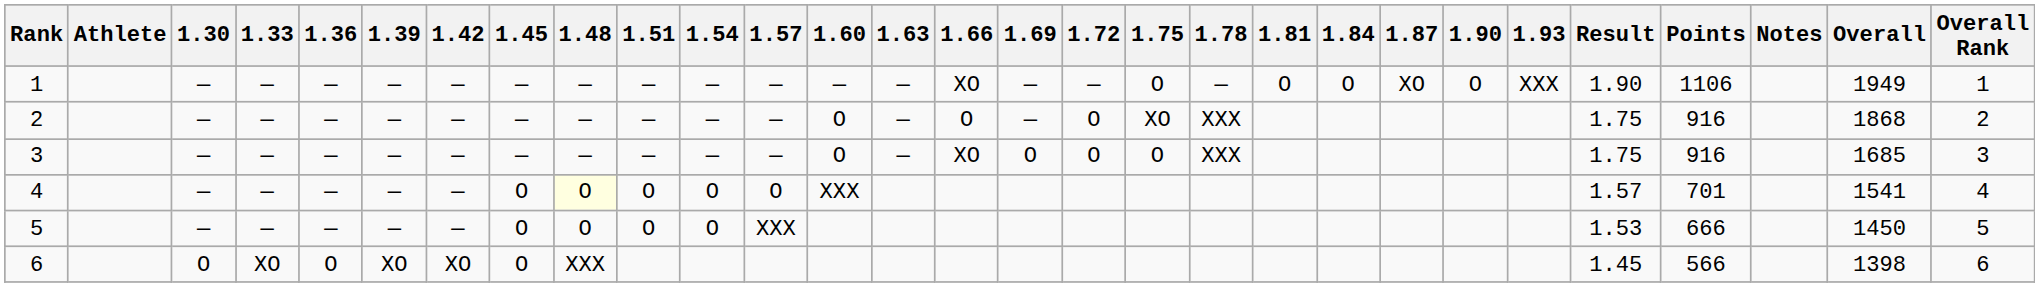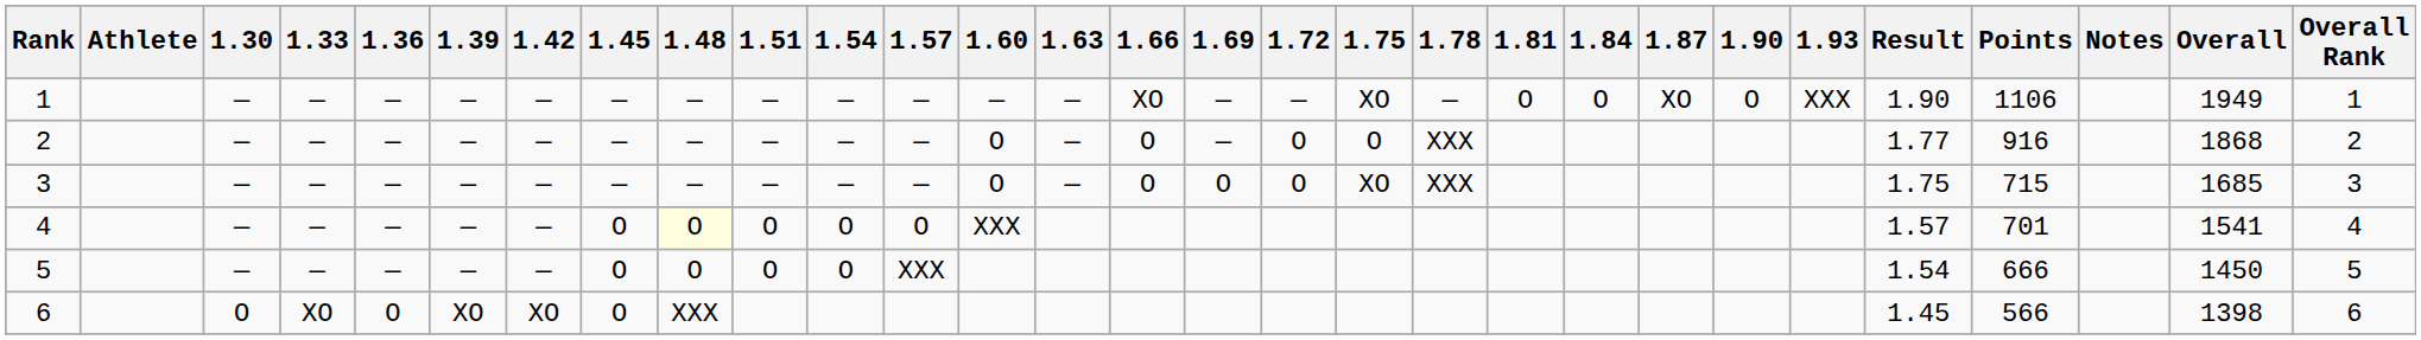 <table class="wikitable" style="text-align:center">
 <tr>
 <th>Rank</th>
 <th>Athlete</th>
 <th>1.30</th>
 <th>1.33</th>
 <th>1.36</th>
 <th>1.39</th>
 <th>1.42</th>
 <th>1.45</th>
 <th>1.48</th>
 <th>1.51</th>
 <th>1.54</th>
 <th>1.57</th>
 <th>1.60</th>
 <th>1.63</th>
 <th>1.66</th>
 <th>1.69</th>
 <th>1.72</th>
 <th>1.75</th>
 <th>1.78</th>
 <th>1.81</th>
 <th>1.84</th>
 <th>1.87</th>
 <th>1.90</th>
 <th>1.93</th>
 <th>Result</th>
 <th>Points</th>
 <th>Notes</th>
 <th>Overall</th>
 <th>Overall Rank</th>
 </tr>
 <tr>
 <td>1</td>
 <td align=left></td>
 <td>—</td>
 <td>—</td>
 <td>—</td>
 <td>—</td>
 <td>—</td>
 <td>—</td>
 <td>—</td>
 <td>—</td>
 <td>—</td>
 <td>—</td>
 <td>—</td>
 <td>—</td>
 <td>XO</td>
 <td>—</td>
 <td>—</td>
-<td>O</td>
+<td>XO</td>
 <td>—</td>
 <td>O</td>
 <td>O</td>
 <td>XO</td>
 <td>O</td>
 <td>XXX</td>
 <td>1.90</td>
 <td>1106</td>
 <td></td>
 <td>1949</td>
 <td>1</td>
 </tr>
 <tr>
 <td>2</td>
 <td align=left></td>
 <td>—</td>
 <td>—</td>
 <td>—</td>
 <td>—</td>
 <td>—</td>
 <td>—</td>
 <td>—</td>
 <td>—</td>
 <td>—</td>
 <td>—</td>
 <td>O</td>
 <td>—</td>
 <td>O</td>
 <td>—</td>
 <td>O</td>
-<td>XO</td>
+<td>O</td>
 <td>XXX</td>
 <td></td>
 <td></td>
 <td></td>
 <td></td>
 <td></td>
-<td>1.75</td>
+<td>1.77</td>
 <td>916</td>
 <td></td>
 <td>1868</td>
 <td>2</td>
 </tr>
 <tr>
 <td>3</td>
 <td align=left></td>
 <td>—</td>
 <td>—</td>
 <td>—</td>
 <td>—</td>
 <td>—</td>
 <td>—</td>
 <td>—</td>
 <td>—</td>
 <td>—</td>
 <td>—</td>
 <td>O</td>
 <td>—</td>
-<td>XO</td>
 <td>O</td>
 <td>O</td>
 <td>O</td>
+<td>XO</td>
 <td>XXX</td>
 <td></td>
 <td></td>
 <td></td>
 <td></td>
 <td></td>
 <td>1.75</td>
-<td>916</td>
+<td>715</td>
 <td></td>
 <td>1685</td>
 <td>3</td>
 </tr>
 <tr>
 <td>4</td>
 <td align=left></td>
 <td>—</td>
 <td>—</td>
 <td>—</td>
 <td>—</td>
 <td>—</td>
 <td>O</td>
 <td style="background: lightyellow;">O</td>
 <td>O</td>
 <td>O</td>
 <td>O</td>
 <td>XXX</td>
 <td></td>
 <td></td>
 <td></td>
 <td></td>
 <td></td>
 <td></td>
 <td></td>
 <td></td>
 <td></td>
 <td></td>
 <td></td>
 <td>1.57</td>
 <td>701</td>
 <td></td>
 <td>1541</td>
 <td>4</td>
 </tr>
 <tr>
 <td>5</td>
 <td align=left></td>
 <td>—</td>
 <td>—</td>
 <td>—</td>
 <td>—</td>
 <td>—</td>
 <td>O</td>
 <td>O</td>
 <td>O</td>
 <td>O</td>
 <td>XXX</td>
 <td></td>
 <td></td>
 <td></td>
 <td></td>
 <td></td>
 <td></td>
 <td></td>
 <td></td>
 <td></td>
 <td></td>
 <td></td>
 <td></td>
-<td>1.53</td>
+<td>1.54</td>
 <td>666</td>
 <td></td>
 <td>1450</td>
 <td>5</td>
 </tr>
 <tr>
 <td>6</td>
 <td align=left></td>
 <td>O</td>
 <td>XO</td>
 <td>O</td>
 <td>XO</td>
 <td>XO</td>
 <td>O</td>
 <td>XXX</td>
 <td></td>
 <td></td>
 <td></td>
 <td></td>
 <td></td>
 <td></td>
 <td></td>
 <td></td>
 <td></td>
 <td></td>
 <td></td>
 <td></td>
 <td></td>
 <td></td>
 <td></td>
 <td>1.45</td>
 <td>566</td>
 <td></td>
 <td>1398</td>
 <td>6</td>
 </tr>
 </table>
